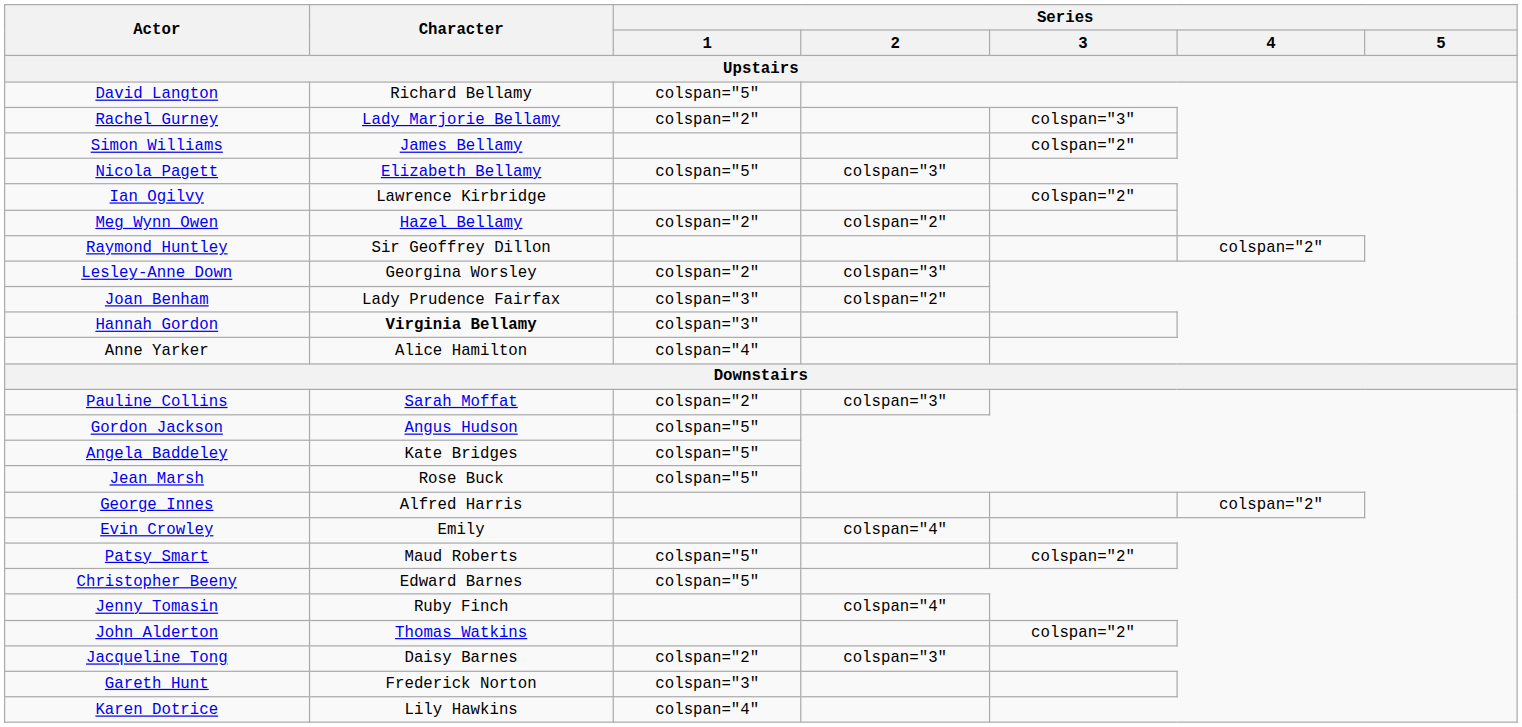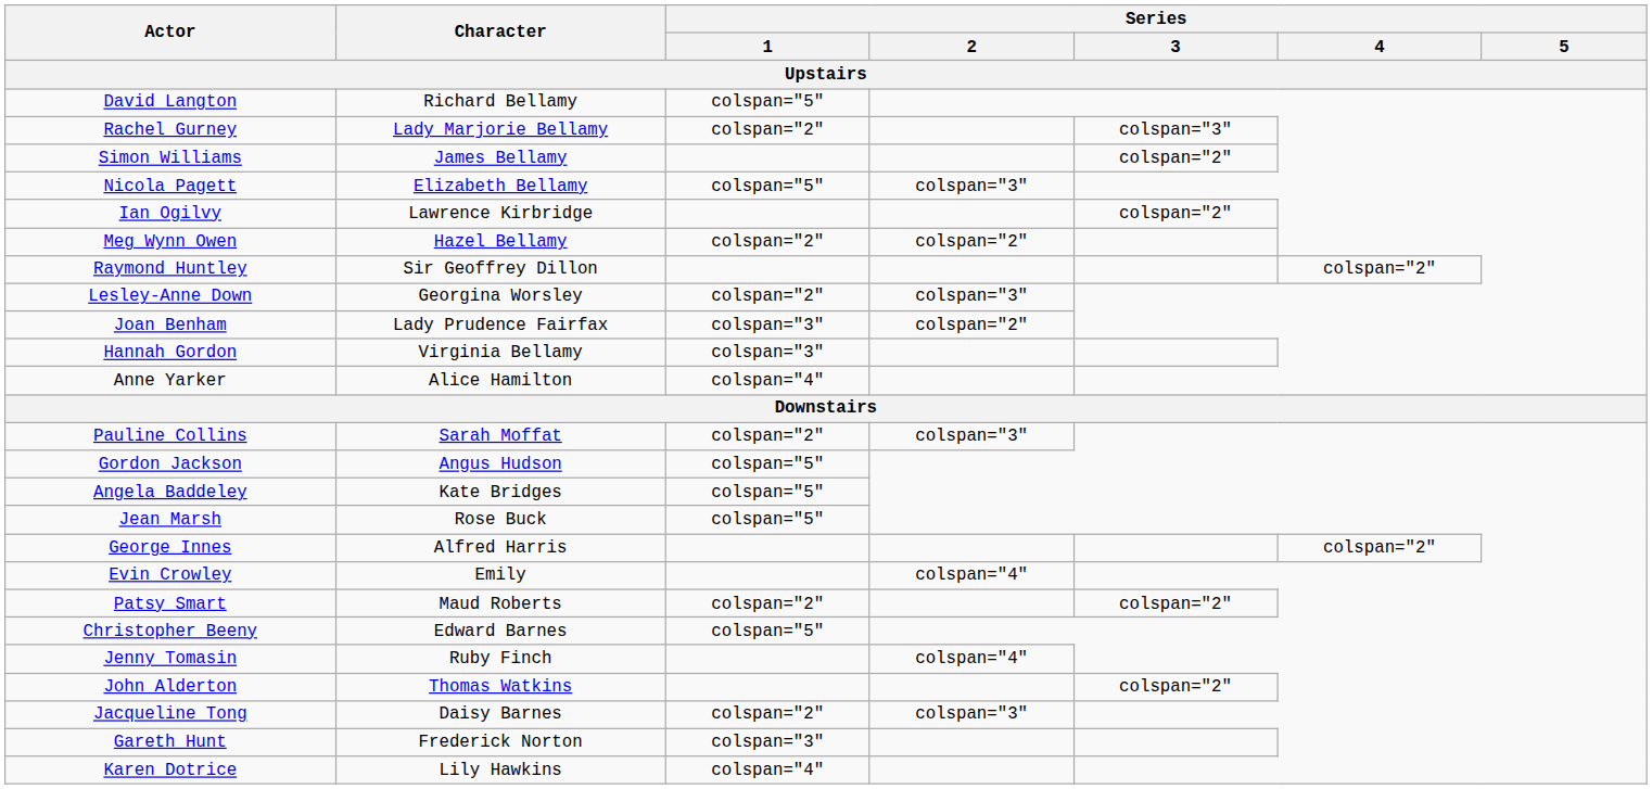 <table class="wikitable plainrowheaders" style="text-align:center">
 <tr>
 <th style="width:10%;" rowspan="2">Actor</th>
 <th style="width:10%;" rowspan="2">Character</th>
 <th colspan="5">Series</th>
 </tr>
 <tr>
 <th style="width:5%;" scope="col">1</th>
 <th style="width:5%;" scope="col">2</th>
 <th style="width:5%;" scope="col">3</th>
 <th style="width:5%;" scope="col">4</th>
 <th style="width:5%;" scope="col">5</th>
 </tr>
 <tr>
 <th colspan=7>Upstairs</th>
 </tr>
 <tr>
 <td><a href='#'>David Langton</a></td>
 <td>Richard Bellamy</td>
 <td>colspan="5" </td>
 </tr>
 <tr>
 <td><a href='#'>Rachel Gurney</a></td>
 <td><a href='#'>Lady Marjorie Bellamy</a></td>
 <td>colspan="2" </td>
 <td></td>
 <td>colspan="3" </td>
 </tr>
 <tr>
 <td><a href='#'>Simon Williams</a></td>
 <td><a href='#'>James Bellamy</a></td>
 <td></td>
 <td></td>
 <td>colspan="2" </td>
 </tr>
 <tr>
 <td><a href='#'>Nicola Pagett</a></td>
 <td><a href='#'>Elizabeth Bellamy</a></td>
 <td>colspan="5" </td>
 <td>colspan="3" </td>
 </tr>
 <tr>
 <td><a href='#'>Ian Ogilvy</a></td>
 <td>Lawrence Kirbridge</td>
 <td></td>
 <td></td>
 <td>colspan="2" </td>
 </tr>
 <tr>
 <td><a href='#'>Meg Wynn Owen</a></td>
 <td><a href='#'>Hazel Bellamy</a></td>
 <td>colspan="2" </td>
 <td>colspan="2" </td>
 <td></td>
 </tr>
 <tr>
 <td><a href='#'>Raymond Huntley</a></td>
 <td>Sir Geoffrey Dillon</td>
 <td></td>
 <td></td>
 <td></td>
 <td>colspan="2" </td>
 </tr>
 <tr>
 <td><a href='#'>Lesley-Anne Down</a></td>
 <td>Georgina Worsley</td>
 <td>colspan="2" </td>
 <td>colspan="3" </td>
 </tr>
 <tr>
 <td><a href='#'>Joan Benham</a></td>
 <td>Lady Prudence Fairfax</td>
 <td>colspan="3" </td>
 <td>colspan="2" </td>
 </tr>
 <tr>
 <td><a href='#'>Hannah Gordon</a></td>
-<td><strong>Virginia Bellamy</strong></td>
+<td>Virginia Bellamy</td>
 <td>colspan="3" </td>
 <td></td>
 <td></td>
 </tr>
 <tr>
 <td>Anne Yarker</td>
 <td>Alice Hamilton</td>
 <td>colspan="4" </td>
 <td></td>
 </tr>
 <tr>
 <th colspan=7>Downstairs</th>
 </tr>
 <tr>
 <td><a href='#'>Pauline Collins</a></td>
 <td><a href='#'>Sarah Moffat</a></td>
 <td>colspan="2" </td>
 <td>colspan="3" </td>
 </tr>
 <tr>
 <td><a href='#'>Gordon Jackson</a></td>
 <td><a href='#'>Angus Hudson</a></td>
 <td>colspan="5" </td>
 </tr>
 <tr>
 <td><a href='#'>Angela Baddeley</a></td>
 <td>Kate Bridges</td>
 <td>colspan="5" </td>
 </tr>
 <tr>
 <td><a href='#'>Jean Marsh</a></td>
 <td>Rose Buck</td>
 <td>colspan="5" </td>
 </tr>
 <tr>
 <td><a href='#'>George Innes</a></td>
 <td>Alfred Harris</td>
 <td></td>
 <td></td>
 <td></td>
 <td>colspan="2" </td>
 </tr>
 <tr>
 <td><a href='#'>Evin Crowley</a></td>
 <td>Emily</td>
 <td></td>
 <td>colspan="4" </td>
 </tr>
 <tr>
 <td><a href='#'>Patsy Smart</a></td>
 <td>Maud Roberts</td>
-<td>colspan="5" </td>
+<td>colspan="2" </td>
 <td></td>
 <td>colspan="2" </td>
 </tr>
 <tr>
 <td><a href='#'>Christopher Beeny</a></td>
 <td>Edward Barnes</td>
 <td>colspan="5" </td>
 </tr>
 <tr>
 <td><a href='#'>Jenny Tomasin</a></td>
 <td>Ruby Finch</td>
 <td></td>
 <td>colspan="4" </td>
 </tr>
 <tr>
 <td><a href='#'>John Alderton</a></td>
 <td><a href='#'>Thomas Watkins</a></td>
 <td></td>
 <td></td>
 <td>colspan="2" </td>
 </tr>
 <tr>
 <td><a href='#'>Jacqueline Tong</a></td>
 <td>Daisy Barnes</td>
 <td>colspan="2" </td>
 <td>colspan="3" </td>
 </tr>
 <tr>
 <td><a href='#'>Gareth Hunt</a></td>
 <td>Frederick Norton</td>
 <td>colspan="3" </td>
 <td></td>
 <td></td>
 </tr>
 <tr>
 <td><a href='#'>Karen Dotrice</a></td>
 <td>Lily Hawkins</td>
 <td>colspan="4" </td>
 <td></td>
 </tr>
 </table>
